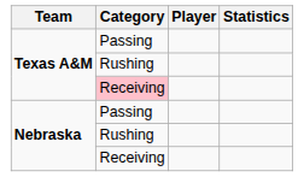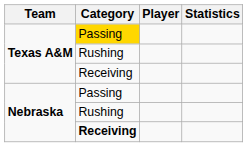 <table class="wikitable" style="float: right;">
 <tr>
 <th>Team</th>
 <th>Category</th>
 <th>Player</th>
 <th>Statistics</th>
 </tr>
 <tr>
 <td rowspan=3><strong>Texas A&M</strong></td>
-<td>Passing</td>
+<td style="background: gold;">Passing</td>
 <td></td>
 <td></td>
 </tr>
 <tr>
 <td>Rushing</td>
 <td></td>
 <td></td>
 </tr>
 <tr>
-<td style="background: pink;">Receiving</td>
+<td>Receiving</td>
 <td></td>
 <td></td>
 </tr>
 <tr>
 <td rowspan=3><strong>Nebraska</strong></td>
 <td>Passing</td>
 <td></td>
 <td></td>
 </tr>
 <tr>
 <td>Rushing</td>
 <td></td>
 <td></td>
 </tr>
 <tr>
-<td>Receiving</td>
+<td><strong>Receiving</strong></td>
 <td></td>
 <td></td>
 </tr>
 </table>
